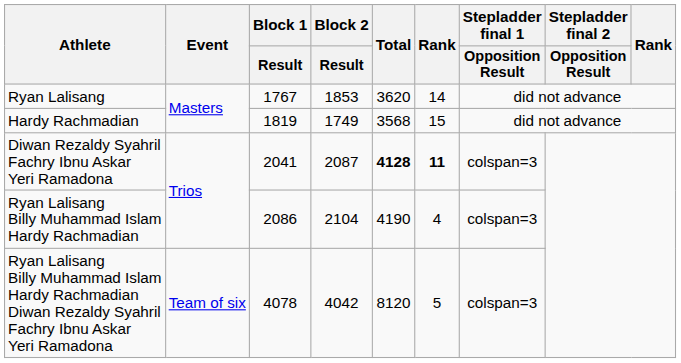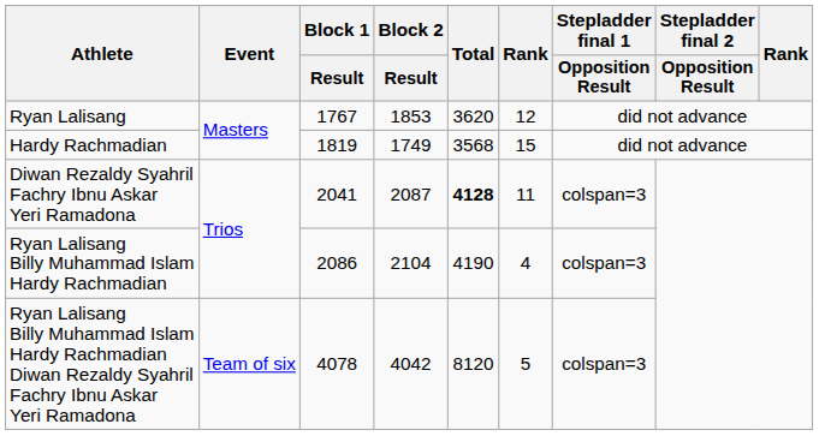 <table class=wikitable style=font-size:90%;text-align:center>
 <tr>
 <th rowspan="2">Athlete</th>
 <th rowspan="2">Event</th>
 <th>Block 1</th>
 <th>Block 2</th>
 <th rowspan="2">Total</th>
 <th rowspan="2">Rank</th>
 <th>Stepladder<br>final 1</th>
 <th>Stepladder<br>final 2</th>
 <th rowspan="2">Rank</th>
 </tr>
 <tr style="font-size:95%">
 <th>Result</th>
 <th>Result</th>
 <th>Opposition<br>Result</th>
 <th>Opposition<br>Result</th>
 </tr>
 <tr>
 <td align=left>Ryan Lalisang</td>
 <td align=left rowspan=2><a href='#'>Masters</a></td>
 <td>1767</td>
 <td>1853</td>
 <td>3620</td>
-<td>14</td>
+<td>12</td>
 <td colspan=3>did not advance</td>
 </tr>
 <tr>
 <td align=left>Hardy Rachmadian</td>
 <td>1819</td>
 <td>1749</td>
 <td>3568</td>
 <td>15</td>
 <td colspan=3>did not advance</td>
 </tr>
 <tr>
 <td align=left>Diwan Rezaldy Syahril<br>Fachry Ibnu Askar<br>Yeri Ramadona</td>
 <td align=left rowspan=2><a href='#'>Trios</a></td>
 <td>2041</td>
 <td>2087</td>
 <td><strong>4128</strong></td>
-<td><strong>11</strong></td>
+<td>11</td>
 <td>colspan=3 </td>
 </tr>
 <tr>
 <td align=left>Ryan Lalisang<br>Billy Muhammad Islam<br>Hardy Rachmadian</td>
 <td>2086</td>
 <td>2104</td>
 <td>4190</td>
 <td>4</td>
 <td>colspan=3 </td>
 </tr>
 <tr>
 <td align=left>Ryan Lalisang<br>Billy Muhammad Islam<br>Hardy Rachmadian<br>Diwan Rezaldy Syahril<br>Fachry Ibnu Askar<br>Yeri Ramadona</td>
 <td align=left><a href='#'>Team of six</a></td>
 <td>4078</td>
 <td>4042</td>
 <td>8120</td>
 <td>5</td>
 <td>colspan=3 </td>
 </tr>
 </table>
